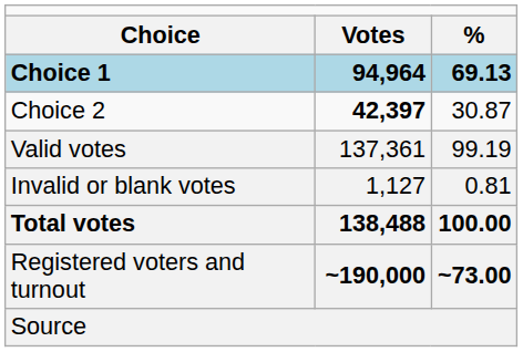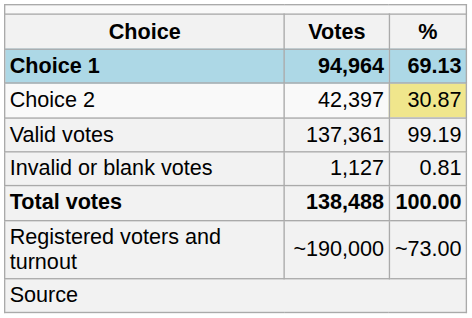 <table class="wikitable" style="text-align:right;">
 <tr>
 <td colspan="6" align="center"></td>
 </tr>
 <tr>
 <th style="width:200px;">Choice</th>
 <th style="width:70px;">Votes</th>
 <th style="width:50px;">%</th>
 </tr>
 <tr style="background:lightblue;">
 <td align="left"> <strong>Choice 1</strong></td>
 <td><strong>94,964</strong></td>
 <td><strong>69.13</strong></td>
 </tr>
 <tr>
 <td align="left">Choice 2</td>
-<td><strong>42,397</strong></td>
-<td>30.87</td>
+<td>42,397</td>
+<td style="background: khaki;">30.87</td>
 </tr>
 <tr style="background-color:#F2F2F2">
 <td align="left">Valid votes</td>
 <td>137,361</td>
 <td>99.19</td>
 </tr>
 <tr style="background-color:#F2F2F2">
 <td align="left">Invalid or blank votes</td>
 <td>1,127</td>
 <td>0.81</td>
 </tr>
 <tr style="background-color:#F2F2F2">
 <td align="left"><strong>Total votes</strong></td>
 <td><strong>138,488</strong></td>
 <td><strong>100.00</strong></td>
 </tr>
 <tr style="background-color:#F2F2F2">
 <td align="left">Registered voters and turnout</td>
-<td><strong>~190,000</strong></td>
-<td><strong>~73.00</strong></td>
+<td>~190,000</td>
+<td>~73.00</td>
 </tr>
 <tr style="background-color:#F2F2F2">
 <td colspan="3" align="left">Source</td>
 </tr>
 </table>
